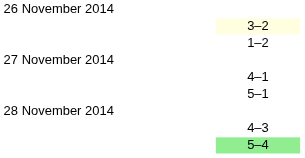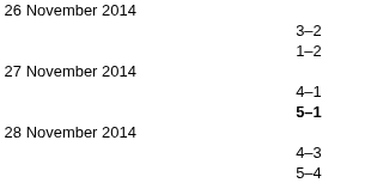 <table style="width:50%;" cellspacing="1">
 <tr>
 <th width=25%></th>
 <th width=10%></th>
 <th width=25%></th>
 </tr>
 <tr>
 <td>26 November 2014</td>
 </tr>
 <tr>
 <td align=right></td>
-<td align=center style="background: lightyellow;">3–2</td>
+<td align=center>3–2</td>
 <td></td>
 </tr>
 <tr>
 <td align=right></td>
 <td align=center>1–2</td>
 <td></td>
 </tr>
 <tr>
 <td>27 November 2014</td>
 </tr>
 <tr>
 <td align=right></td>
 <td align=center>4–1</td>
 <td></td>
 </tr>
 <tr>
 <td align=right></td>
-<td align=center>5–1</td>
+<td align=center><strong>5–1</strong></td>
 <td></td>
 </tr>
 <tr>
 <td>28 November 2014</td>
 </tr>
 <tr>
 <td align=right></td>
 <td align=center>4–3</td>
 <td></td>
 </tr>
 <tr>
 <td align=right></td>
-<td align=center style="background: lightgreen;">5–4</td>
+<td align=center>5–4</td>
 <td></td>
 </tr>
 </table>
